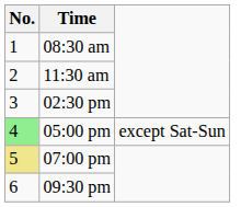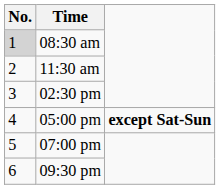 <table class="wikitable">
 <tr>
 <th>No.</th>
 <th>Time</th>
 </tr>
 <tr>
-<td>1</td>
+<td style="background: lightgrey;">1</td>
 <td>08:30 am</td>
 </tr>
 <tr>
 <td>2</td>
 <td>11:30 am</td>
 </tr>
 <tr>
 <td>3</td>
 <td>02:30 pm</td>
 </tr>
 <tr>
-<td style="background: lightgreen;">4</td>
+<td>4</td>
 <td>05:00 pm</td>
-<td>except Sat-Sun</td>
+<td><strong>except Sat-Sun</strong></td>
 </tr>
 <tr>
-<td style="background: khaki;">5</td>
+<td>5</td>
 <td>07:00 pm</td>
 </tr>
 <tr>
 <td>6</td>
 <td>09:30 pm</td>
 </tr>
 </table>
